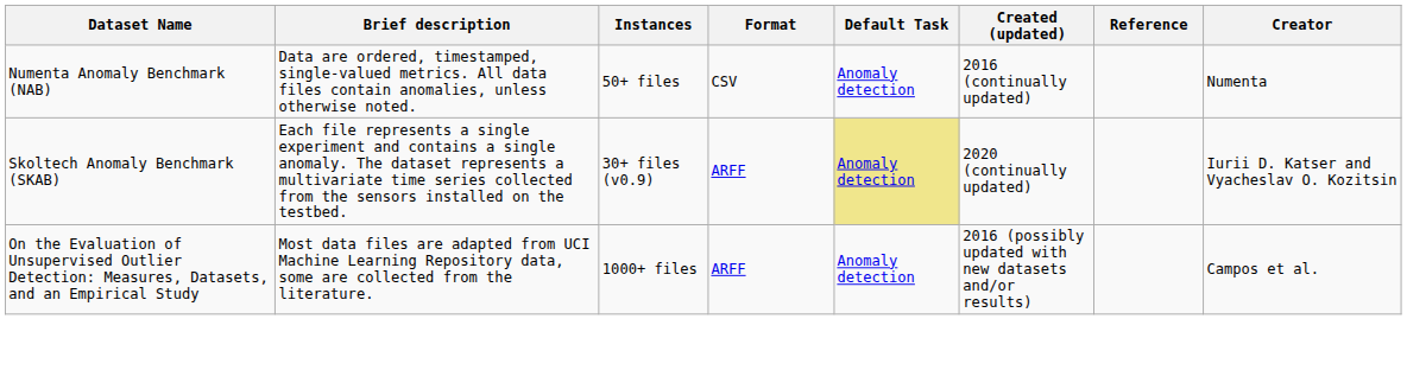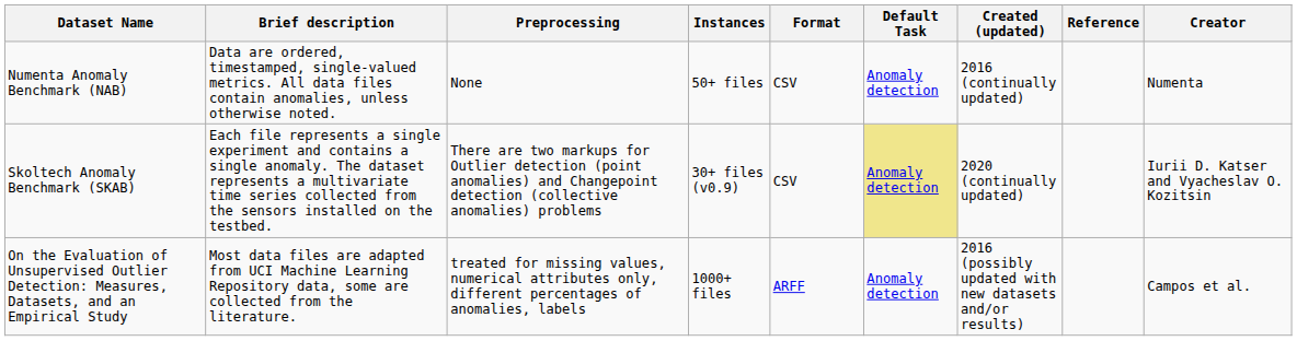 <table style="width: 100%" class="wikitable sortable">
 <tr>
 <th scope="col" style="width: 15%;">Dataset Name</th>
 <th scope="col" style="width: 18%;">Brief description</th>
+<th scope="col" style="width: 18%;">Preprocessing</th>
 <th scope="col" style="width: 6%;">Instances</th>
 <th scope="col" style="width: 7%;">Format</th>
 <th scope="col" style="width: 7%;">Default Task</th>
 <th scope="col" style="width: 6%;">Created (updated)</th>
 <th scope="col" style="width: 6%;">Reference</th>
 <th scope="col" style="width: 11%;">Creator</th>
 </tr>
 <tr>
 <td>Numenta Anomaly Benchmark (NAB)</td>
 <td>Data are ordered, timestamped, single-valued metrics. All data files contain anomalies, unless otherwise noted.</td>
+<td>None</td>
 <td>50+ files</td>
 <td>CSV</td>
 <td><a href='#'>Anomaly detection</a></td>
 <td>2016 (continually updated)</td>
 <td></td>
 <td>Numenta</td>
 </tr>
 <tr>
 <td>Skoltech Anomaly Benchmark (SKAB)</td>
 <td>Each file represents a single experiment and contains a single anomaly. The dataset represents a multivariate time series collected from the sensors installed on the testbed.</td>
+<td>There are two markups for Outlier detection (point anomalies) and Changepoint detection (collective anomalies) problems</td>
 <td>30+ files (v0.9)</td>
-<td><a href='#'>ARFF</a></td>
+<td>CSV</td>
 <td style="background: khaki;"><a href='#'>Anomaly detection</a></td>
 <td>2020 (continually updated)</td>
 <td><br> </td>
 <td>Iurii D. Katser and Vyacheslav O. Kozitsin</td>
 </tr>
 <tr>
 <td>On the Evaluation of Unsupervised Outlier Detection: Measures, Datasets, and an Empirical Study</td>
 <td>Most data files are adapted from UCI Machine Learning Repository data, some are collected from the literature.</td>
+<td>treated for missing values, numerical attributes only, different percentages of anomalies, labels</td>
 <td>1000+ files</td>
 <td><a href='#'>ARFF</a></td>
 <td><a href='#'>Anomaly detection</a></td>
 <td>2016 (possibly updated with new datasets and/or results)</td>
 <td><br></td>
 <td>Campos et al.</td>
 </tr>
 </table>
